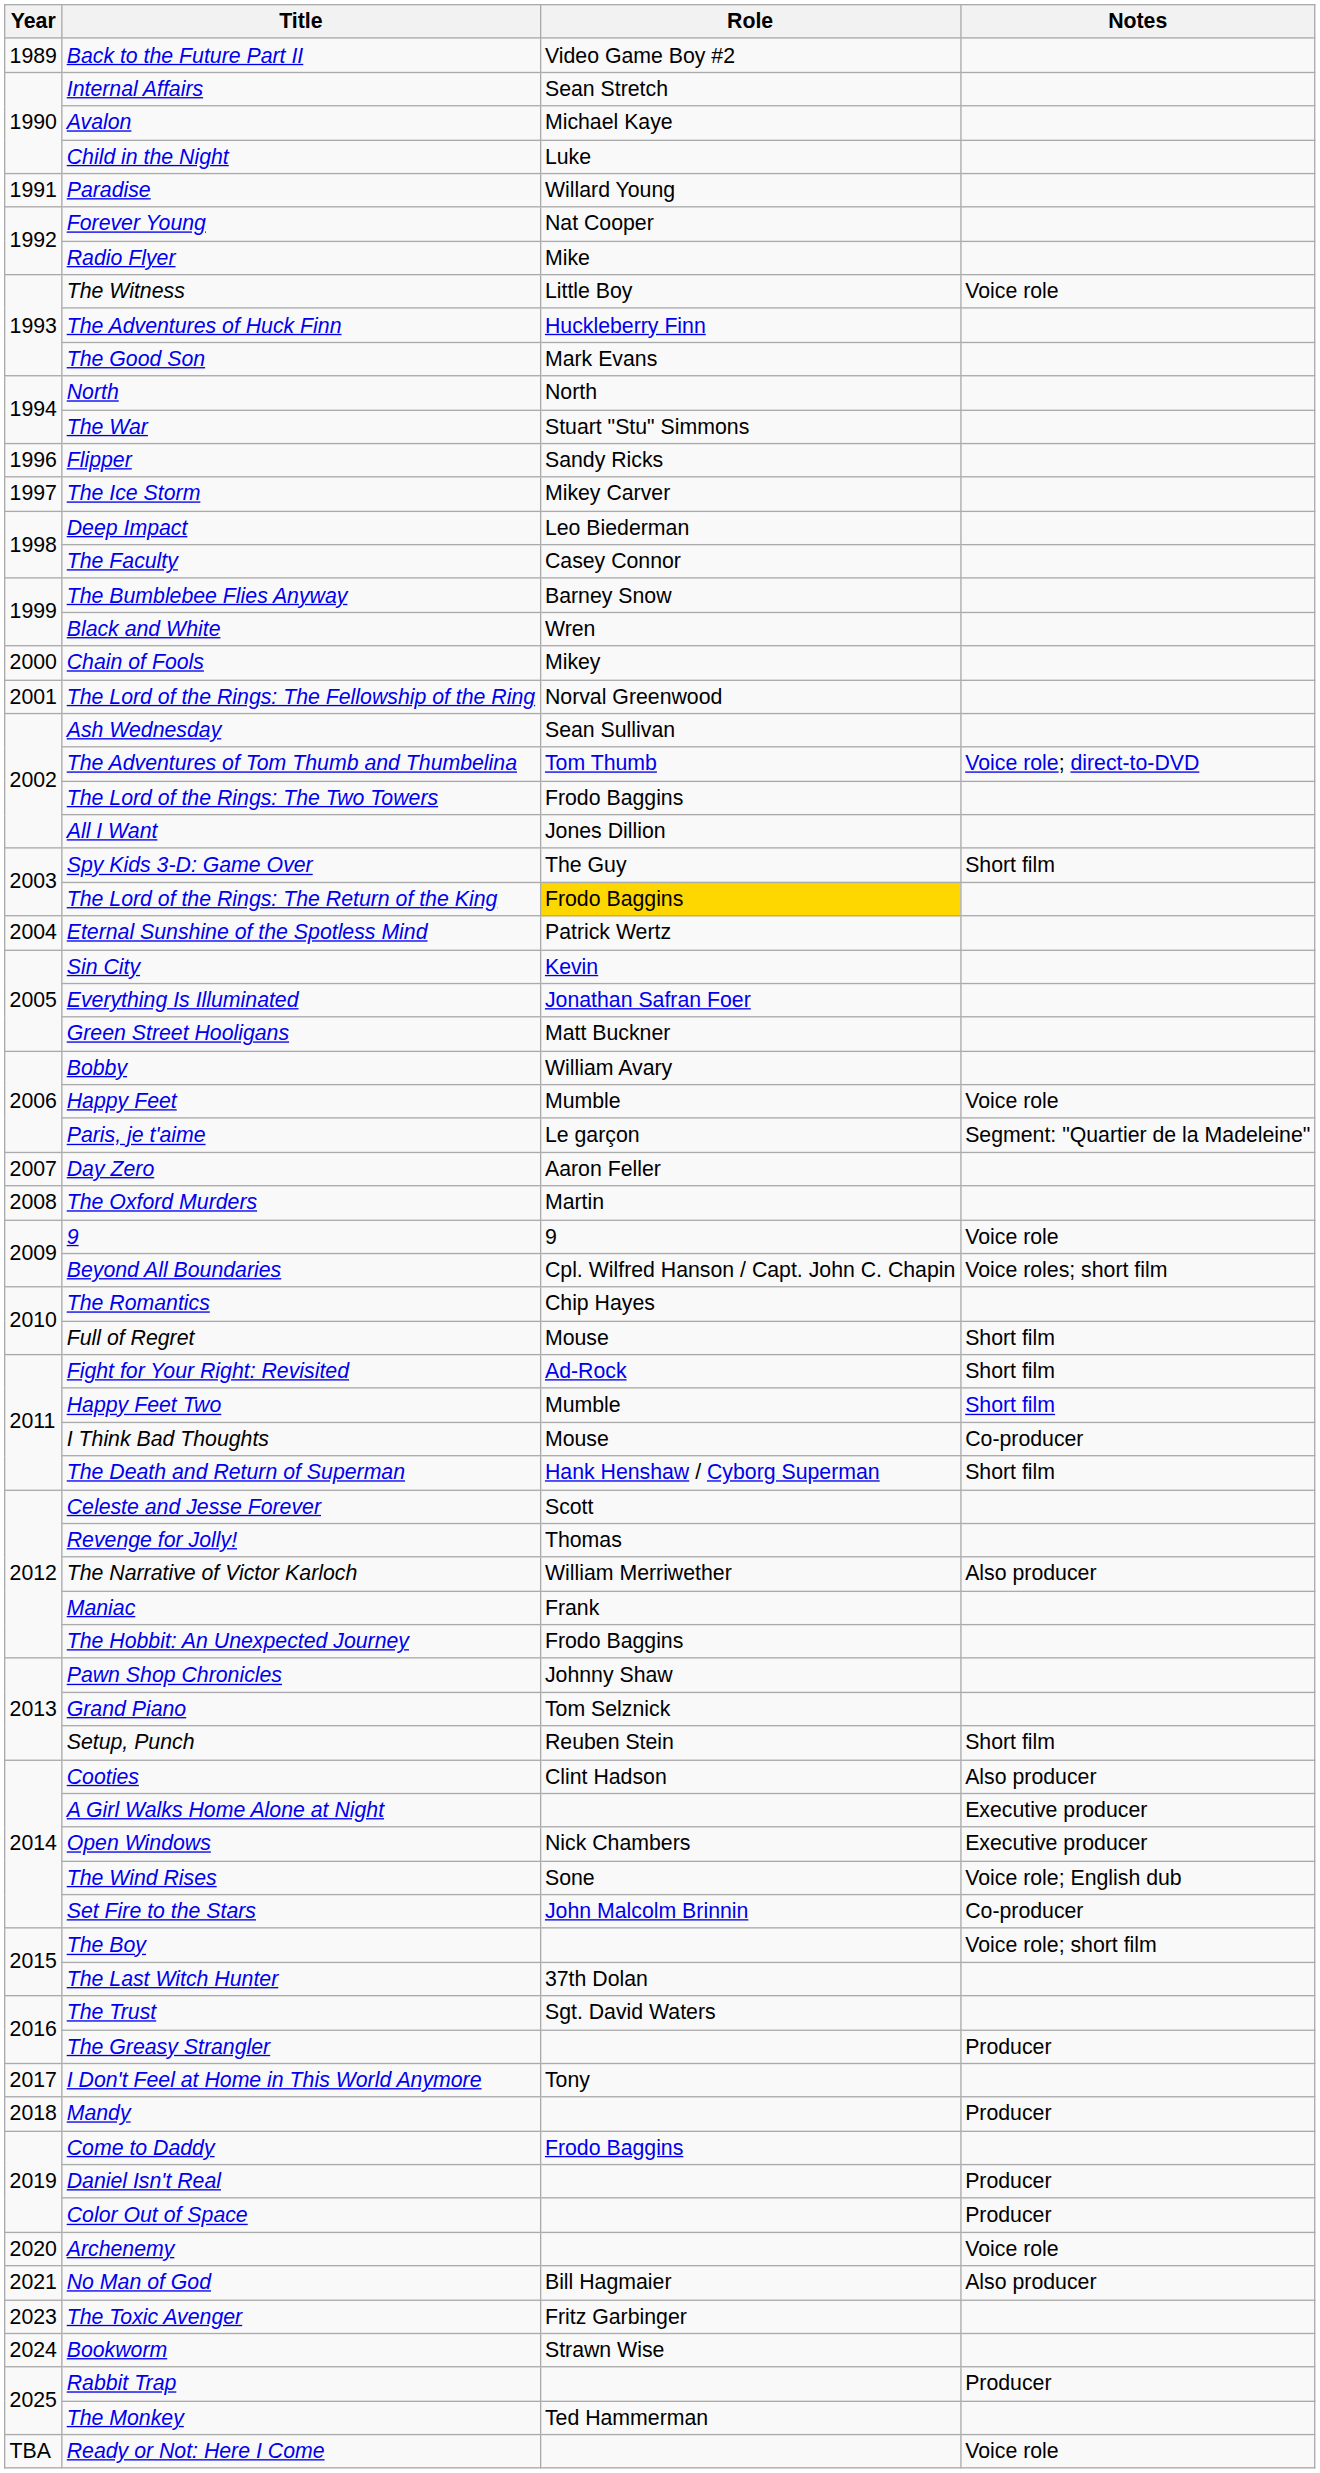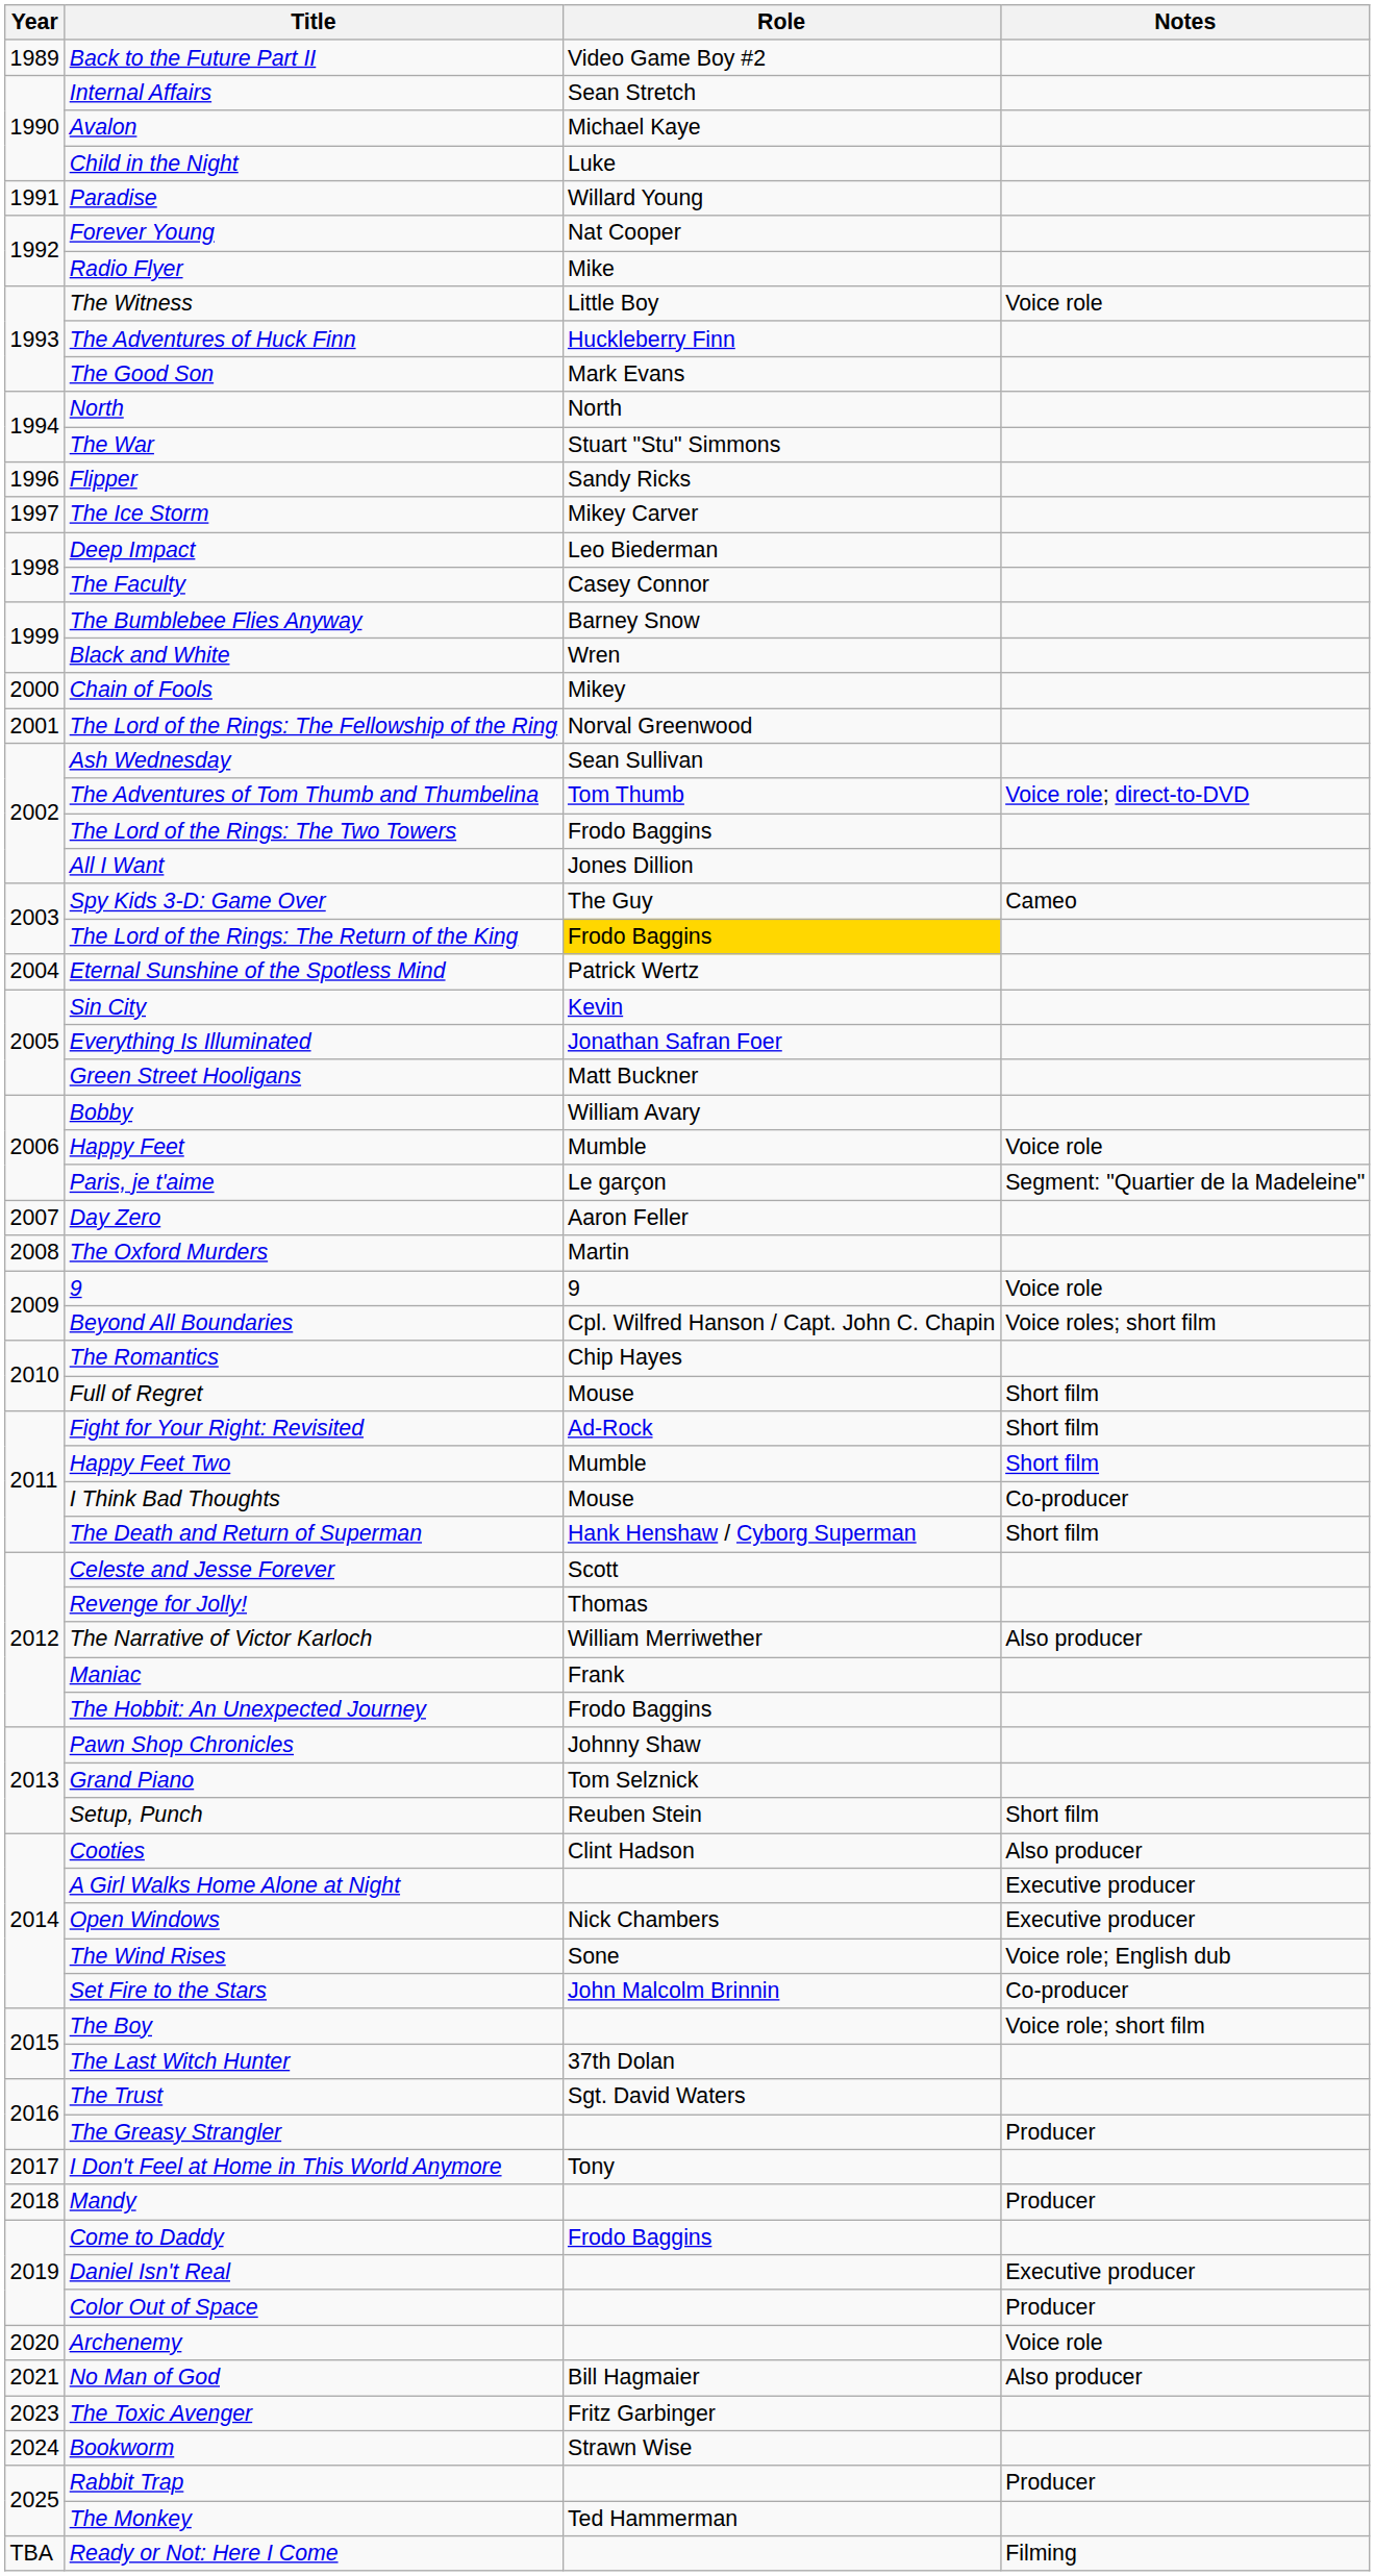 <table class="wikitable sortable">
 <tr>
 <th>Year</th>
 <th>Title</th>
 <th>Role</th>
 <th class=unsortable>Notes</th>
 </tr>
 <tr>
 <td>1989</td>
 <td><em><a href='#'>Back to the Future Part II</a></em></td>
 <td>Video Game Boy #2</td>
 <td></td>
 </tr>
 <tr>
 <td rowspan="3">1990</td>
 <td><em><a href='#'>Internal Affairs</a></em></td>
 <td>Sean Stretch</td>
 <td></td>
 </tr>
 <tr>
 <td><em><a href='#'>Avalon</a></em></td>
 <td>Michael Kaye</td>
 <td></td>
 </tr>
 <tr>
 <td><em><a href='#'>Child in the Night</a></em></td>
 <td>Luke</td>
 <td></td>
 </tr>
 <tr>
 <td>1991</td>
 <td><em><a href='#'>Paradise</a></em></td>
 <td>Willard Young</td>
 <td></td>
 </tr>
 <tr>
 <td rowspan="2">1992</td>
 <td><em><a href='#'>Forever Young</a></em></td>
 <td>Nat Cooper</td>
 <td></td>
 </tr>
 <tr>
 <td><em><a href='#'>Radio Flyer</a></em></td>
 <td>Mike</td>
 <td></td>
 </tr>
 <tr>
 <td rowspan="3">1993</td>
 <td><em>The Witness</em></td>
 <td>Little Boy</td>
 <td>Voice role</td>
 </tr>
 <tr>
 <td><em><a href='#'>The Adventures of Huck Finn</a></em></td>
 <td><a href='#'>Huckleberry Finn</a></td>
 <td></td>
 </tr>
 <tr>
 <td><em><a href='#'>The Good Son</a></em></td>
 <td>Mark Evans</td>
 <td></td>
 </tr>
 <tr>
 <td rowspan="2">1994</td>
 <td><em><a href='#'>North</a></em></td>
 <td>North</td>
 <td></td>
 </tr>
 <tr>
 <td><em><a href='#'>The War</a></em></td>
 <td>Stuart "Stu" Simmons</td>
 <td></td>
 </tr>
 <tr>
 <td>1996</td>
 <td><em><a href='#'>Flipper</a></em></td>
 <td>Sandy Ricks</td>
 <td></td>
 </tr>
 <tr>
 <td>1997</td>
 <td><em><a href='#'>The Ice Storm</a></em></td>
 <td>Mikey Carver</td>
 <td></td>
 </tr>
 <tr>
 <td rowspan="2">1998</td>
 <td><em><a href='#'>Deep Impact</a></em></td>
 <td>Leo Biederman</td>
 <td></td>
 </tr>
 <tr>
 <td><em><a href='#'>The Faculty</a></em></td>
 <td>Casey Connor</td>
 <td></td>
 </tr>
 <tr>
 <td rowspan="2">1999</td>
 <td><em><a href='#'>The Bumblebee Flies Anyway</a></em></td>
 <td>Barney Snow</td>
 <td></td>
 </tr>
 <tr>
 <td><em><a href='#'>Black and White</a></em></td>
 <td>Wren</td>
 <td></td>
 </tr>
 <tr>
 <td>2000</td>
 <td><em><a href='#'>Chain of Fools</a></em></td>
 <td>Mikey</td>
 <td></td>
 </tr>
 <tr>
 <td>2001</td>
 <td><em><a href='#'>The Lord of the Rings: The Fellowship of the Ring</a></em></td>
 <td>Norval Greenwood</td>
 <td></td>
 </tr>
 <tr>
 <td rowspan="4">2002</td>
 <td><em><a href='#'>Ash Wednesday</a></em></td>
 <td>Sean Sullivan</td>
 <td></td>
 </tr>
 <tr>
 <td><em><a href='#'>The Adventures of Tom Thumb and Thumbelina</a></em></td>
 <td><a href='#'>Tom Thumb</a></td>
 <td><a href='#'>Voice role</a>; <a href='#'>direct-to-DVD</a></td>
 </tr>
 <tr>
 <td><em><a href='#'>The Lord of the Rings: The Two Towers</a></em></td>
 <td>Frodo Baggins</td>
 <td></td>
 </tr>
 <tr>
 <td><em><a href='#'>All I Want</a></em></td>
 <td>Jones Dillion</td>
 <td></td>
 </tr>
 <tr>
 <td rowspan="2">2003</td>
 <td><em><a href='#'>Spy Kids 3-D: Game Over</a></em></td>
 <td>The Guy</td>
-<td>Short film</td>
+<td>Cameo</td>
 </tr>
 <tr>
 <td><em><a href='#'>The Lord of the Rings: The Return of the King</a></em></td>
 <td style="background: gold;">Frodo Baggins</td>
 <td></td>
 </tr>
 <tr>
 <td>2004</td>
 <td><em><a href='#'>Eternal Sunshine of the Spotless Mind</a></em></td>
 <td>Patrick Wertz</td>
 <td></td>
 </tr>
 <tr>
 <td rowspan="3">2005</td>
 <td><em><a href='#'>Sin City</a></em></td>
 <td><a href='#'>Kevin</a></td>
 <td></td>
 </tr>
 <tr>
 <td><em><a href='#'>Everything Is Illuminated</a></em></td>
 <td><a href='#'>Jonathan Safran Foer</a></td>
 <td></td>
 </tr>
 <tr>
 <td><em><a href='#'>Green Street Hooligans</a></em></td>
 <td>Matt Buckner</td>
 <td></td>
 </tr>
 <tr>
 <td rowspan="3">2006</td>
 <td><em><a href='#'>Bobby</a></em></td>
 <td>William Avary</td>
 <td></td>
 </tr>
 <tr>
 <td><em><a href='#'>Happy Feet</a></em></td>
 <td>Mumble</td>
 <td>Voice role</td>
 </tr>
 <tr>
 <td><em><a href='#'>Paris, je t'aime</a></em></td>
 <td>Le garçon</td>
 <td>Segment: "Quartier de la Madeleine"</td>
 </tr>
 <tr>
 <td>2007</td>
 <td><em><a href='#'>Day Zero</a></em></td>
 <td>Aaron Feller</td>
 <td></td>
 </tr>
 <tr>
 <td>2008</td>
 <td><em><a href='#'>The Oxford Murders</a></em></td>
 <td>Martin</td>
 <td></td>
 </tr>
 <tr>
 <td rowspan="2">2009</td>
 <td><em><a href='#'>9</a></em></td>
 <td>9</td>
 <td>Voice role</td>
 </tr>
 <tr>
 <td><em><a href='#'>Beyond All Boundaries</a></em></td>
 <td>Cpl. Wilfred Hanson / Capt. John C. Chapin</td>
 <td>Voice roles; short film</td>
 </tr>
 <tr>
 <td rowspan="2">2010</td>
 <td><em><a href='#'>The Romantics</a></em></td>
 <td>Chip Hayes</td>
 <td></td>
 </tr>
 <tr>
 <td><em>Full of Regret</em></td>
 <td>Mouse</td>
 <td>Short film</td>
 </tr>
 <tr>
 <td rowspan="4">2011</td>
 <td><em><a href='#'>Fight for Your Right: Revisited</a></em></td>
 <td><a href='#'>Ad-Rock</a></td>
 <td>Short film</td>
 </tr>
 <tr>
 <td><em><a href='#'>Happy Feet Two</a></em></td>
 <td>Mumble</td>
 <td><a href='#'>Short film</a></td>
 </tr>
 <tr>
 <td><em>I Think Bad Thoughts</em></td>
 <td>Mouse</td>
 <td>Co-producer</td>
 </tr>
 <tr>
 <td><em><a href='#'>The Death and Return of Superman</a></em></td>
 <td><a href='#'>Hank Henshaw</a> / <a href='#'>Cyborg Superman</a></td>
 <td>Short film</td>
 </tr>
 <tr>
 <td rowspan="5">2012</td>
 <td><em><a href='#'>Celeste and Jesse Forever</a></em></td>
 <td>Scott</td>
 <td></td>
 </tr>
 <tr>
 <td><em><a href='#'>Revenge for Jolly!</a></em></td>
 <td>Thomas</td>
 <td></td>
 </tr>
 <tr>
 <td><em>The Narrative of Victor Karloch</em></td>
 <td>William Merriwether</td>
 <td>Also producer</td>
 </tr>
 <tr>
 <td><em><a href='#'>Maniac</a></em></td>
 <td>Frank</td>
 <td></td>
 </tr>
 <tr>
 <td><em><a href='#'>The Hobbit: An Unexpected Journey</a></em></td>
 <td>Frodo Baggins</td>
 <td></td>
 </tr>
 <tr>
 <td rowspan="3">2013</td>
 <td><em><a href='#'>Pawn Shop Chronicles</a></em></td>
 <td>Johnny Shaw</td>
 <td></td>
 </tr>
 <tr>
 <td><em><a href='#'>Grand Piano</a></em></td>
 <td>Tom Selznick</td>
 <td></td>
 </tr>
 <tr>
 <td><em>Setup, Punch</em></td>
 <td>Reuben Stein</td>
 <td>Short film</td>
 </tr>
 <tr>
 <td rowspan="5">2014</td>
 <td><em><a href='#'>Cooties</a></em></td>
 <td>Clint Hadson</td>
 <td>Also producer</td>
 </tr>
 <tr>
 <td><em><a href='#'>A Girl Walks Home Alone at Night</a></em></td>
 <td></td>
 <td>Executive producer</td>
 </tr>
 <tr>
 <td><em><a href='#'>Open Windows</a></em></td>
 <td>Nick Chambers</td>
 <td>Executive producer</td>
 </tr>
 <tr>
 <td><em><a href='#'>The Wind Rises</a></em></td>
 <td>Sone</td>
 <td>Voice role; English dub</td>
 </tr>
 <tr>
 <td><em><a href='#'>Set Fire to the Stars</a></em></td>
 <td><a href='#'>John Malcolm Brinnin</a></td>
 <td>Co-producer</td>
 </tr>
 <tr>
 <td rowspan="2">2015</td>
 <td><em><a href='#'>The Boy</a></em></td>
 <td></td>
 <td>Voice role; short film</td>
 </tr>
 <tr>
 <td><em><a href='#'>The Last Witch Hunter</a></em></td>
 <td>37th Dolan</td>
 <td></td>
 </tr>
 <tr>
 <td rowspan="2">2016</td>
 <td><em><a href='#'>The Trust</a></em></td>
 <td>Sgt. David Waters</td>
 <td></td>
 </tr>
 <tr>
 <td><em><a href='#'>The Greasy Strangler</a></em></td>
 <td></td>
 <td>Producer</td>
 </tr>
 <tr>
 <td>2017</td>
 <td><em><a href='#'>I Don't Feel at Home in This World Anymore</a></em></td>
 <td>Tony</td>
 <td></td>
 </tr>
 <tr>
 <td>2018</td>
 <td><em><a href='#'>Mandy</a></em></td>
 <td></td>
 <td>Producer</td>
 </tr>
 <tr>
 <td rowspan="3">2019</td>
 <td><em><a href='#'>Come to Daddy</a></em></td>
 <td><a href='#'>Frodo Baggins</a></td>
 <td></td>
 </tr>
 <tr>
 <td><em><a href='#'>Daniel Isn't Real</a></em></td>
 <td></td>
-<td>Producer</td>
+<td>Executive producer</td>
 </tr>
 <tr>
 <td><em><a href='#'>Color Out of Space</a></em></td>
 <td></td>
 <td>Producer</td>
 </tr>
 <tr>
 <td>2020</td>
 <td><em><a href='#'>Archenemy</a></em></td>
 <td></td>
 <td>Voice role</td>
 </tr>
 <tr>
 <td>2021</td>
 <td><em><a href='#'>No Man of God</a></em></td>
 <td>Bill Hagmaier</td>
 <td>Also producer</td>
 </tr>
 <tr>
 <td>2023</td>
 <td><em><a href='#'>The Toxic Avenger</a></em></td>
 <td>Fritz Garbinger</td>
 <td></td>
 </tr>
 <tr>
 <td>2024</td>
 <td><em><a href='#'>Bookworm</a></em></td>
 <td>Strawn Wise</td>
 <td></td>
 </tr>
 <tr>
 <td rowspan="2">2025</td>
 <td><em><a href='#'>Rabbit Trap</a></em></td>
 <td></td>
 <td>Producer</td>
 </tr>
 <tr>
 <td><em><a href='#'>The Monkey</a></em></td>
 <td>Ted Hammerman</td>
 <td></td>
 </tr>
 <tr>
 <td>TBA</td>
 <td><em><a href='#'>Ready or Not: Here I Come</a></em></td>
 <td></td>
-<td>Voice role</td>
+<td>Filming</td>
 </tr>
 </table>
